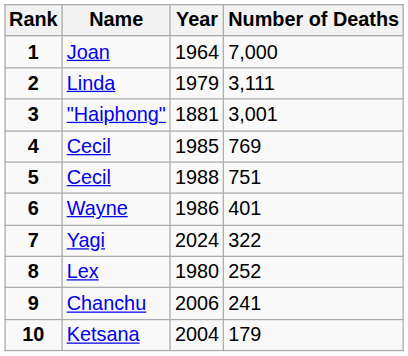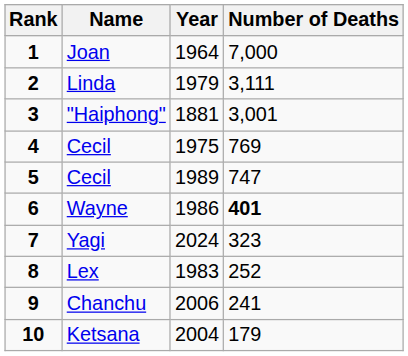 <table class="wikitable" align="center" style="margin-left: auto; margin-right: auto; border: none;">
 <tr style="background:#CCCCCC">
 <th>Rank</th>
 <th>Name</th>
 <th>Year</th>
 <th>Number of Deaths</th>
 </tr>
 <tr>
 <td style="text-align:center"><strong>1</strong></td>
 <td><a href='#'>Joan</a></td>
 <td>1964</td>
 <td>7,000</td>
 </tr>
 <tr>
 <td style="text-align:center"><strong>2</strong></td>
 <td><a href='#'>Linda</a></td>
 <td>1979</td>
 <td>3,111</td>
 </tr>
 <tr>
 <td style="text-align:center"><strong>3</strong></td>
 <td><a href='#'>"Haiphong"</a></td>
 <td>1881</td>
 <td>3,001</td>
 </tr>
 <tr>
 <td style="text-align:center"><strong>4</strong></td>
 <td><a href='#'>Cecil</a></td>
-<td>1985</td>
+<td>1975</td>
 <td>769</td>
 </tr>
 <tr>
 <td style="text-align:center"><strong>5</strong></td>
 <td><a href='#'>Cecil</a></td>
-<td>1988</td>
-<td>751</td>
+<td>1989</td>
+<td>747</td>
 </tr>
 <tr>
 <td style="text-align:center"><strong>6</strong></td>
 <td><a href='#'>Wayne</a></td>
 <td>1986</td>
-<td>401</td>
+<td><strong>401</strong></td>
 </tr>
 <tr>
 <td style="text-align:center"><strong>7</strong></td>
 <td><a href='#'>Yagi</a></td>
 <td>2024</td>
-<td>322</td>
+<td>323</td>
 </tr>
 <tr>
 <td style="text-align: center;"><strong>8</strong></td>
 <td><a href='#'>Lex</a></td>
-<td>1980</td>
+<td>1983</td>
 <td>252</td>
 </tr>
 <tr>
 <td style="text-align:center "><strong>9</strong></td>
 <td><a href='#'>Chanchu</a></td>
 <td>2006</td>
 <td>241</td>
 </tr>
 <tr>
 <td style="text-align:center "><strong>10</strong></td>
 <td><a href='#'>Ketsana</a></td>
 <td>2004</td>
 <td>179</td>
 </tr>
 <tr>
 </tr>
 </table>
